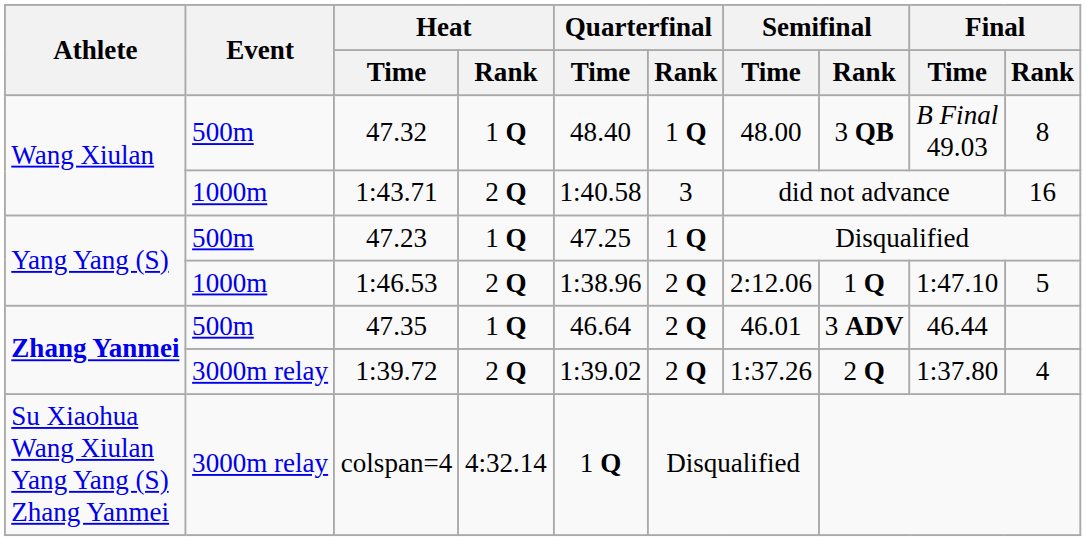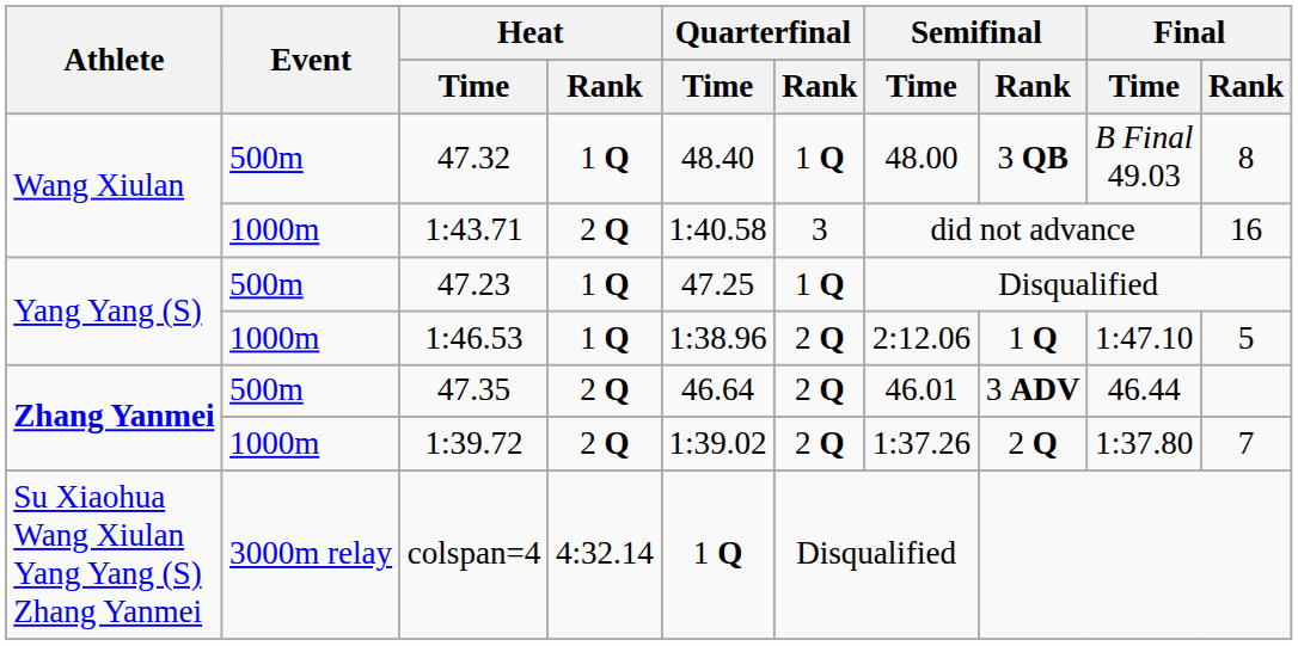 <table class="wikitable" style="font-size:90%">
 <tr>
 <th rowspan="2">Athlete</th>
 <th rowspan="2">Event</th>
 <th colspan="2">Heat</th>
 <th colspan="2">Quarterfinal</th>
 <th colspan="2">Semifinal</th>
 <th colspan="2">Final</th>
 </tr>
 <tr>
 <th>Time</th>
 <th>Rank</th>
 <th>Time</th>
 <th>Rank</th>
 <th>Time</th>
 <th>Rank</th>
 <th>Time</th>
 <th>Rank</th>
 </tr>
 <tr align="center">
 <td align="left" rowspan=2><a href='#'>Wang Xiulan</a></td>
 <td align="left"><a href='#'>500m</a></td>
 <td>47.32</td>
 <td>1 <strong>Q</strong></td>
 <td>48.40</td>
 <td>1 <strong>Q</strong></td>
 <td>48.00</td>
 <td>3 <strong>QB</strong></td>
 <td><em>B Final</em> <br> 49.03</td>
 <td>8</td>
 </tr>
 <tr align="center">
 <td align="left"><a href='#'>1000m</a></td>
 <td>1:43.71</td>
 <td>2 <strong>Q</strong></td>
 <td>1:40.58</td>
 <td>3</td>
 <td colspan=3>did not advance</td>
 <td>16</td>
 </tr>
 <tr align="center">
 <td align="left" rowspan=2><a href='#'>Yang Yang (S)</a></td>
 <td align="left"><a href='#'>500m</a></td>
 <td>47.23</td>
 <td>1 <strong>Q</strong></td>
 <td>47.25</td>
 <td>1 <strong>Q</strong></td>
 <td colspan=4>Disqualified</td>
 </tr>
 <tr align="center">
 <td align="left"><a href='#'>1000m</a></td>
 <td>1:46.53</td>
-<td>2 <strong>Q</strong></td>
+<td>1 <strong>Q</strong></td>
 <td>1:38.96</td>
 <td>2 <strong>Q</strong></td>
 <td>2:12.06</td>
 <td>1 <strong>Q</strong></td>
 <td>1:47.10</td>
 <td>5</td>
 </tr>
 <tr align="center">
 <td align="left" rowspan=2><strong><a href='#'>Zhang Yanmei</a></strong></td>
 <td align="left"><a href='#'>500m</a></td>
 <td>47.35</td>
-<td>1 <strong>Q</strong></td>
+<td>2 <strong>Q</strong></td>
 <td>46.64</td>
 <td>2 <strong>Q</strong></td>
 <td>46.01 </td>
 <td>3 <strong>ADV</strong></td>
 <td>46.44</td>
 <td></td>
 </tr>
 <tr align="center">
-<td align="left"><a href='#'>3000m relay</a></td>
+<td align="left"><a href='#'>1000m</a></td>
 <td>1:39.72</td>
 <td>2 <strong>Q</strong></td>
 <td>1:39.02</td>
 <td>2 <strong>Q</strong></td>
 <td>1:37.26</td>
 <td>2 <strong>Q</strong></td>
 <td>1:37.80</td>
-<td>4</td>
+<td>7</td>
 </tr>
 <tr align="center">
 <td align="left" rowspan=2><a href='#'>Su Xiaohua</a> <br> <a href='#'>Wang Xiulan</a> <br> <a href='#'>Yang Yang (S)</a> <br> <a href='#'>Zhang Yanmei</a></td>
 <td align="left"><a href='#'>3000m relay</a></td>
 <td>colspan=4 </td>
 <td>4:32.14</td>
 <td>1 <strong>Q</strong></td>
 <td colspan=2>Disqualified</td>
 </tr>
 </table>
